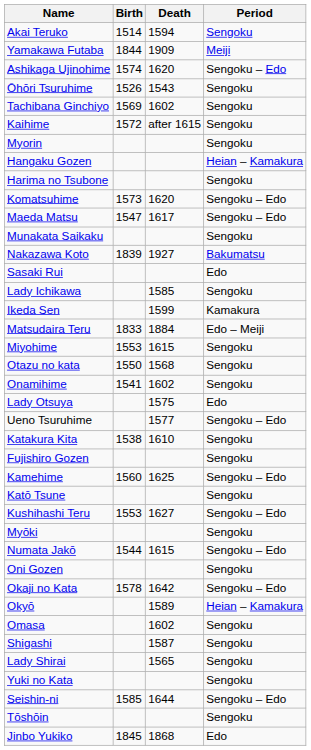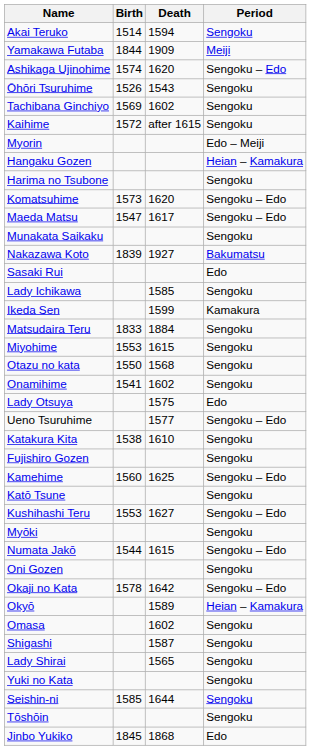 <table class="wikitable sortable">
 <tr>
 <th>Name</th>
 <th>Birth</th>
 <th>Death</th>
 <th>Period</th>
 </tr>
 <tr>
 <td><a href='#'>Akai Teruko</a></td>
 <td>1514</td>
 <td>1594</td>
 <td data-sort-value="40"><a href='#'>Sengoku</a></td>
 </tr>
 <tr>
 <td><a href='#'>Yamakawa Futaba</a></td>
 <td>1844</td>
 <td>1909</td>
 <td data-sort-value="90"><a href='#'>Meiji</a></td>
 </tr>
 <tr>
 <td><a href='#'>Ashikaga Ujinohime</a></td>
 <td>1574</td>
 <td>1620</td>
 <td data-sort-value="60">Sengoku – <a href='#'>Edo</a></td>
 </tr>
 <tr>
 <td><a href='#'>Ōhōri Tsuruhime</a></td>
 <td>1526</td>
 <td>1543</td>
 <td data-sort-value="40">Sengoku</td>
 </tr>
 <tr>
 <td><a href='#'>Tachibana Ginchiyo</a></td>
 <td>1569</td>
 <td>1602</td>
 <td data-sort-value="40">Sengoku</td>
 </tr>
 <tr>
 <td><a href='#'>Kaihime</a></td>
 <td>1572</td>
 <td data-sort-value="1615">after 1615</td>
 <td data-sort-value="40">Sengoku</td>
 </tr>
 <tr>
 <td><a href='#'>Myorin</a></td>
 <td></td>
 <td></td>
-<td data-sort-value="40">Sengoku</td>
+<td data-sort-value="70">Edo – Meiji</td>
 </tr>
 <tr>
 <td><a href='#'>Hangaku Gozen</a></td>
 <td></td>
 <td></td>
 <td data-sort-value="20"><a href='#'>Heian</a> – <a href='#'>Kamakura</a></td>
 </tr>
 <tr>
 <td><a href='#'>Harima no Tsubone</a></td>
 <td></td>
 <td></td>
 <td data-sort-value="40">Sengoku</td>
 </tr>
 <tr>
 <td><a href='#'>Komatsuhime</a></td>
 <td>1573</td>
 <td>1620</td>
 <td data-sort-value="50">Sengoku – Edo</td>
 </tr>
 <tr>
 <td><a href='#'>Maeda Matsu</a></td>
 <td>1547</td>
 <td>1617</td>
 <td data-sort-value="50">Sengoku – Edo</td>
 </tr>
 <tr>
 <td><a href='#'>Munakata Saikaku</a></td>
 <td></td>
 <td></td>
 <td data-sort-value="40">Sengoku</td>
 </tr>
 <tr>
 <td><a href='#'>Nakazawa Koto</a></td>
 <td>1839</td>
 <td>1927</td>
 <td data-sort-value="80"><a href='#'>Bakumatsu</a></td>
 </tr>
 <tr>
 <td><a href='#'>Sasaki Rui</a></td>
 <td></td>
 <td></td>
 <td data-sort-value="60">Edo</td>
 </tr>
 <tr>
 <td><a href='#'>Lady Ichikawa</a></td>
 <td></td>
 <td>1585</td>
 <td data-sort-value="40">Sengoku</td>
 </tr>
 <tr>
 <td><a href='#'>Ikeda Sen</a></td>
 <td></td>
 <td>1599</td>
 <td data-sort-value="30">Kamakura</td>
 </tr>
 <tr>
 <td><a href='#'>Matsudaira Teru</a></td>
 <td>1833</td>
 <td>1884</td>
-<td data-sort-value="70">Edo – Meiji</td>
+<td data-sort-value="40">Sengoku</td>
 </tr>
 <tr>
 <td><a href='#'>Miyohime</a></td>
 <td>1553</td>
 <td>1615</td>
 <td data-sort-value="40">Sengoku</td>
 </tr>
 <tr>
 <td><a href='#'>Otazu no kata</a></td>
 <td>1550</td>
 <td>1568</td>
 <td data-sort-value="40">Sengoku</td>
 </tr>
 <tr>
 <td><a href='#'>Onamihime</a></td>
 <td>1541</td>
 <td>1602</td>
 <td data-sort-value="40">Sengoku</td>
 </tr>
 <tr>
 <td><a href='#'>Lady Otsuya</a></td>
 <td></td>
 <td>1575</td>
 <td data-sort-value="60">Edo</td>
 </tr>
 <tr>
 <td>Ueno Tsuruhime</td>
 <td></td>
 <td>1577</td>
 <td data-sort-value="50">Sengoku – Edo</td>
 </tr>
 <tr>
 <td><a href='#'>Katakura Kita</a></td>
 <td>1538</td>
 <td>1610</td>
 <td data-sort-value="40">Sengoku</td>
 </tr>
 <tr>
 <td><a href='#'>Fujishiro Gozen</a></td>
 <td></td>
 <td></td>
 <td data-sort-value="40">Sengoku</td>
 </tr>
 <tr>
 <td><a href='#'>Kamehime</a></td>
 <td>1560</td>
 <td>1625</td>
 <td data-sort-value="50">Sengoku – Edo</td>
 </tr>
 <tr>
 <td><a href='#'>Katō Tsune</a></td>
 <td></td>
 <td></td>
 <td data-sort-value="40">Sengoku</td>
 </tr>
 <tr>
 <td><a href='#'>Kushihashi Teru</a></td>
 <td>1553</td>
 <td>1627</td>
 <td data-sort-value="50">Sengoku – Edo</td>
 </tr>
 <tr>
 <td><a href='#'>Myōki</a></td>
 <td></td>
 <td></td>
 <td data-sort-value="40">Sengoku</td>
 </tr>
 <tr>
 <td><a href='#'>Numata Jakō</a></td>
 <td>1544</td>
 <td>1615</td>
 <td data-sort-value="50">Sengoku – Edo</td>
 </tr>
 <tr>
 <td><a href='#'>Oni Gozen</a></td>
 <td></td>
 <td></td>
 <td data-sort-value="40">Sengoku</td>
 </tr>
 <tr>
 <td><a href='#'>Okaji no Kata</a></td>
 <td>1578</td>
 <td>1642</td>
 <td data-sort-value="50">Sengoku – Edo</td>
 </tr>
 <tr>
 <td><a href='#'>Okyō</a></td>
 <td></td>
 <td>1589</td>
 <td data-sort-value="20"><a href='#'>Heian</a> – <a href='#'>Kamakura</a></td>
 </tr>
 <tr>
 <td><a href='#'>Omasa</a></td>
 <td></td>
 <td>1602</td>
 <td data-sort-value="40">Sengoku</td>
 </tr>
 <tr>
 <td><a href='#'>Shigashi</a></td>
 <td></td>
 <td>1587</td>
 <td data-sort-value="40">Sengoku</td>
 </tr>
 <tr>
 <td><a href='#'>Lady Shirai</a></td>
 <td></td>
 <td>1565</td>
 <td data-sort-value="40">Sengoku</td>
 </tr>
 <tr>
 <td><a href='#'>Yuki no Kata</a></td>
 <td></td>
 <td></td>
 <td data-sort-value="40">Sengoku</td>
 </tr>
 <tr>
 <td><a href='#'>Seishin-ni</a></td>
 <td>1585</td>
 <td>1644</td>
-<td data-sort-value="50">Sengoku – Edo</td>
+<td data-sort-value="40"><a href='#'>Sengoku</a></td>
 </tr>
 <tr>
 <td><a href='#'>Tōshōin</a></td>
 <td></td>
 <td></td>
 <td data-sort-value="40">Sengoku</td>
 </tr>
 <tr>
 <td><a href='#'>Jinbo Yukiko</a></td>
 <td>1845</td>
 <td>1868</td>
 <td data-sort-value="60">Edo</td>
 </tr>
 </table>
